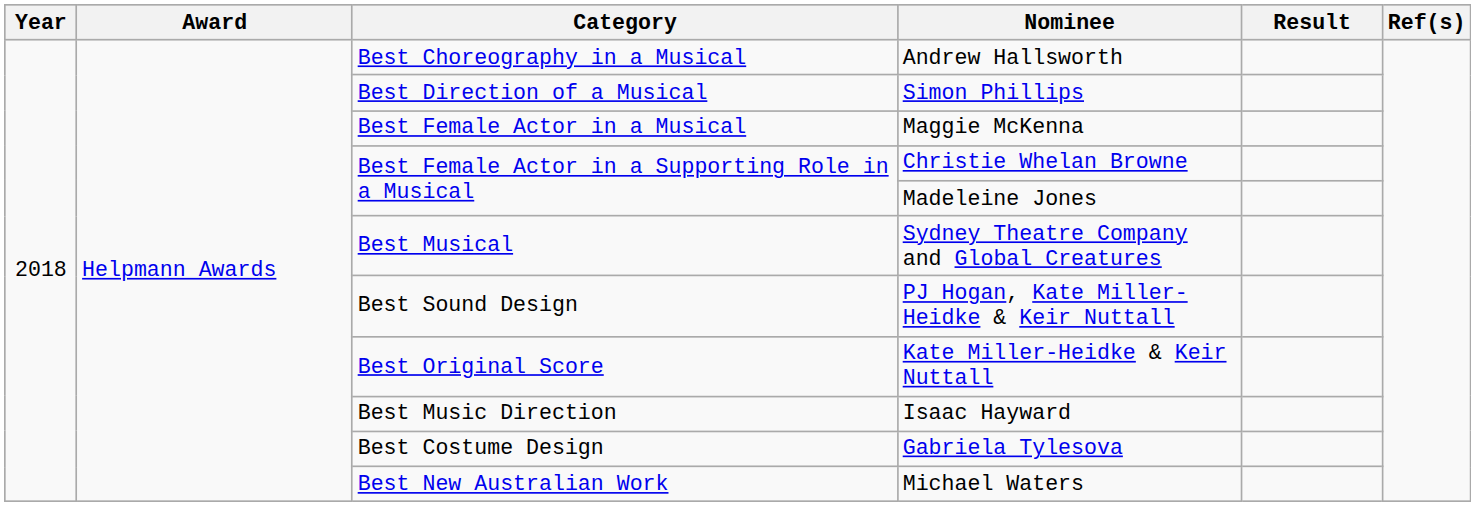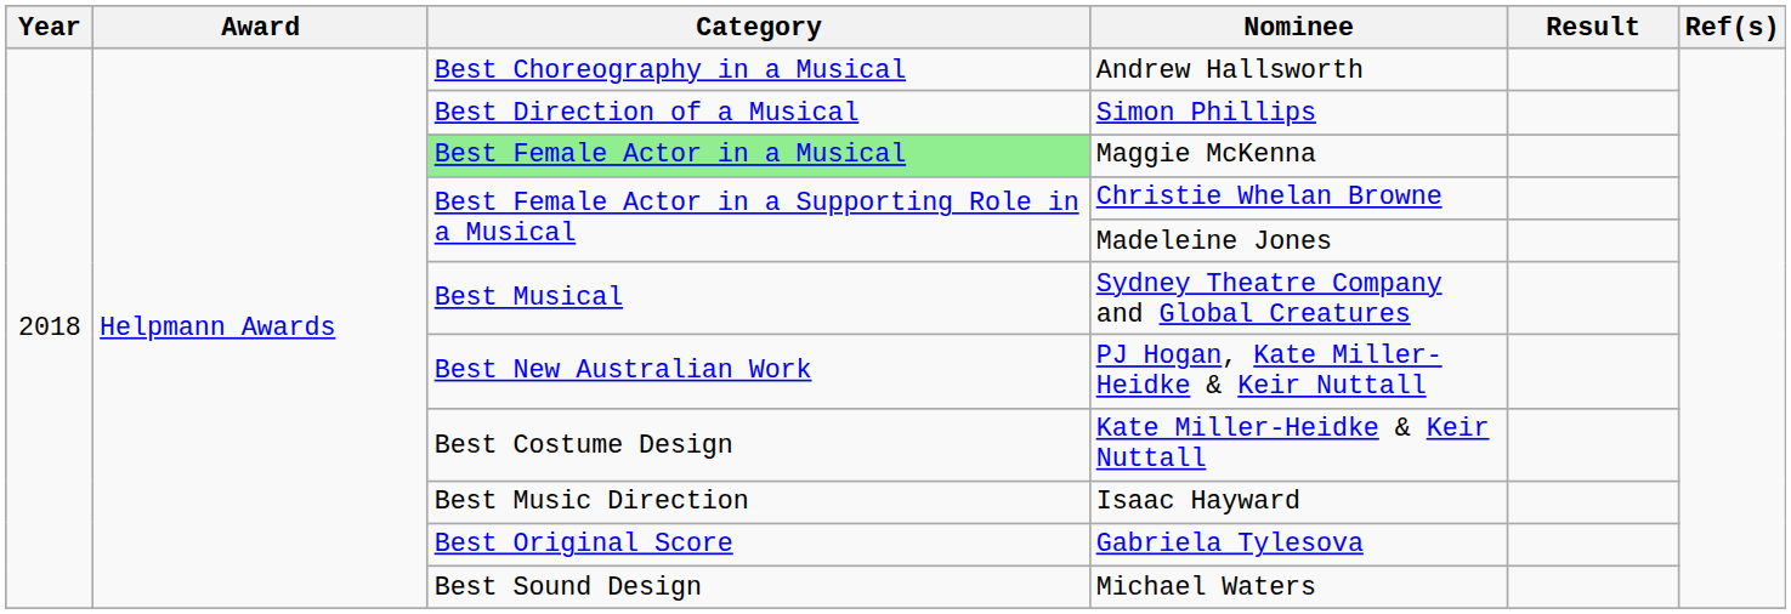 <table class="wikitable" style="width:100%;">
 <tr>
 <th style="width:5%;">Year</th>
 <th style="width:20%;">Award</th>
 <th style="width:40%;">Category</th>
 <th style="width:25%;">Nominee</th>
 <th style="width:10%;">Result</th>
 <th style="width:10%;">Ref(s)</th>
 </tr>
 <tr>
 <td rowspan="11" style="text-align:center;">2018</td>
 <td rowspan="11"><a href='#'>Helpmann Awards</a></td>
 <td><a href='#'>Best Choreography in a Musical</a></td>
 <td>Andrew Hallsworth</td>
 <td></td>
 <td rowspan="11"></td>
 </tr>
 <tr>
 <td><a href='#'>Best Direction of a Musical</a></td>
 <td><a href='#'>Simon Phillips</a></td>
 <td></td>
 </tr>
 <tr>
-<td><a href='#'>Best Female Actor in a Musical</a></td>
+<td style="background: lightgreen;"><a href='#'>Best Female Actor in a Musical</a></td>
 <td>Maggie McKenna</td>
 <td></td>
 </tr>
 <tr>
 <td rowspan="2"><a href='#'>Best Female Actor in a Supporting Role in a Musical</a></td>
 <td><a href='#'>Christie Whelan Browne</a></td>
 <td></td>
 </tr>
 <tr>
 <td>Madeleine Jones</td>
 <td></td>
 </tr>
 <tr>
 <td><a href='#'>Best Musical</a></td>
 <td><a href='#'>Sydney Theatre Company</a> and <a href='#'>Global Creatures</a></td>
 <td></td>
 </tr>
 <tr>
-<td>Best Sound Design</td>
+<td><a href='#'>Best New Australian Work</a></td>
 <td><a href='#'>PJ Hogan</a>, <a href='#'>Kate Miller-Heidke</a> & <a href='#'>Keir Nuttall</a></td>
 <td></td>
 </tr>
 <tr>
-<td><a href='#'>Best Original Score</a></td>
+<td>Best Costume Design</td>
 <td><a href='#'>Kate Miller-Heidke</a> & <a href='#'>Keir Nuttall</a></td>
 <td></td>
 </tr>
 <tr>
 <td>Best Music Direction</td>
 <td>Isaac Hayward</td>
 <td></td>
 </tr>
 <tr>
-<td>Best Costume Design</td>
+<td><a href='#'>Best Original Score</a></td>
 <td><a href='#'>Gabriela Tylesova</a></td>
 <td></td>
 </tr>
 <tr>
-<td><a href='#'>Best New Australian Work</a></td>
+<td>Best Sound Design</td>
 <td>Michael Waters</td>
 <td></td>
 </tr>
 </table>
